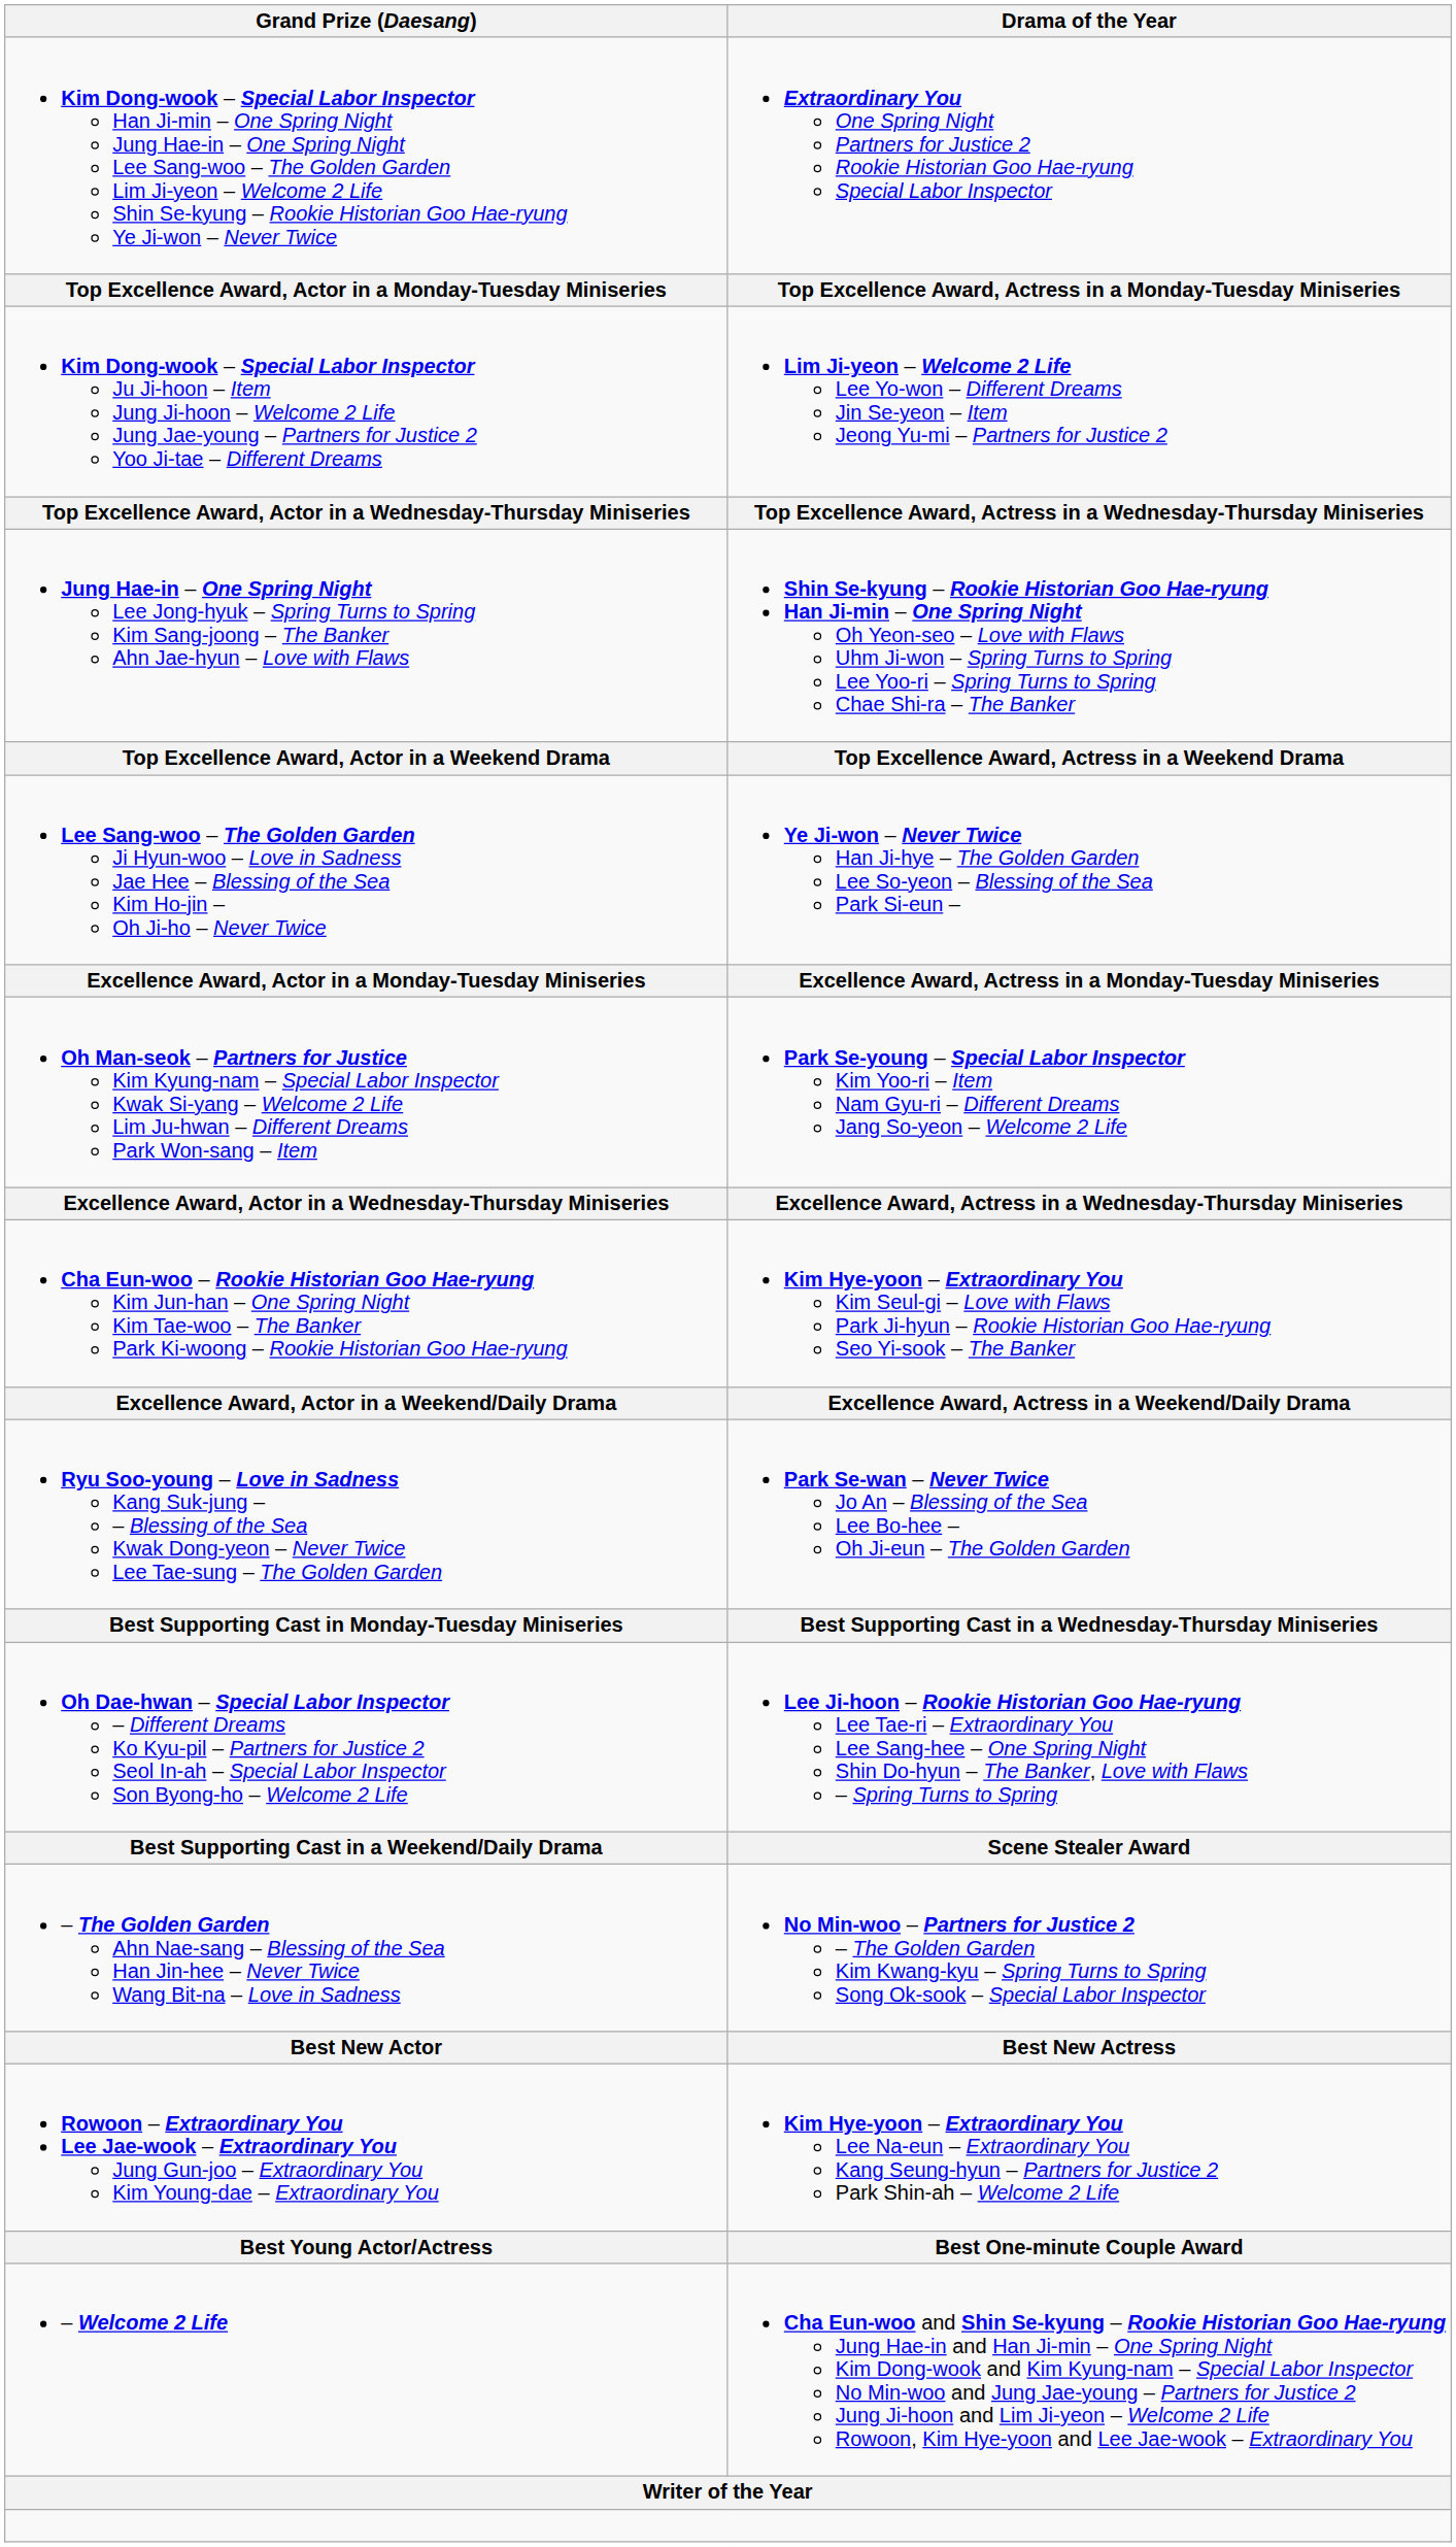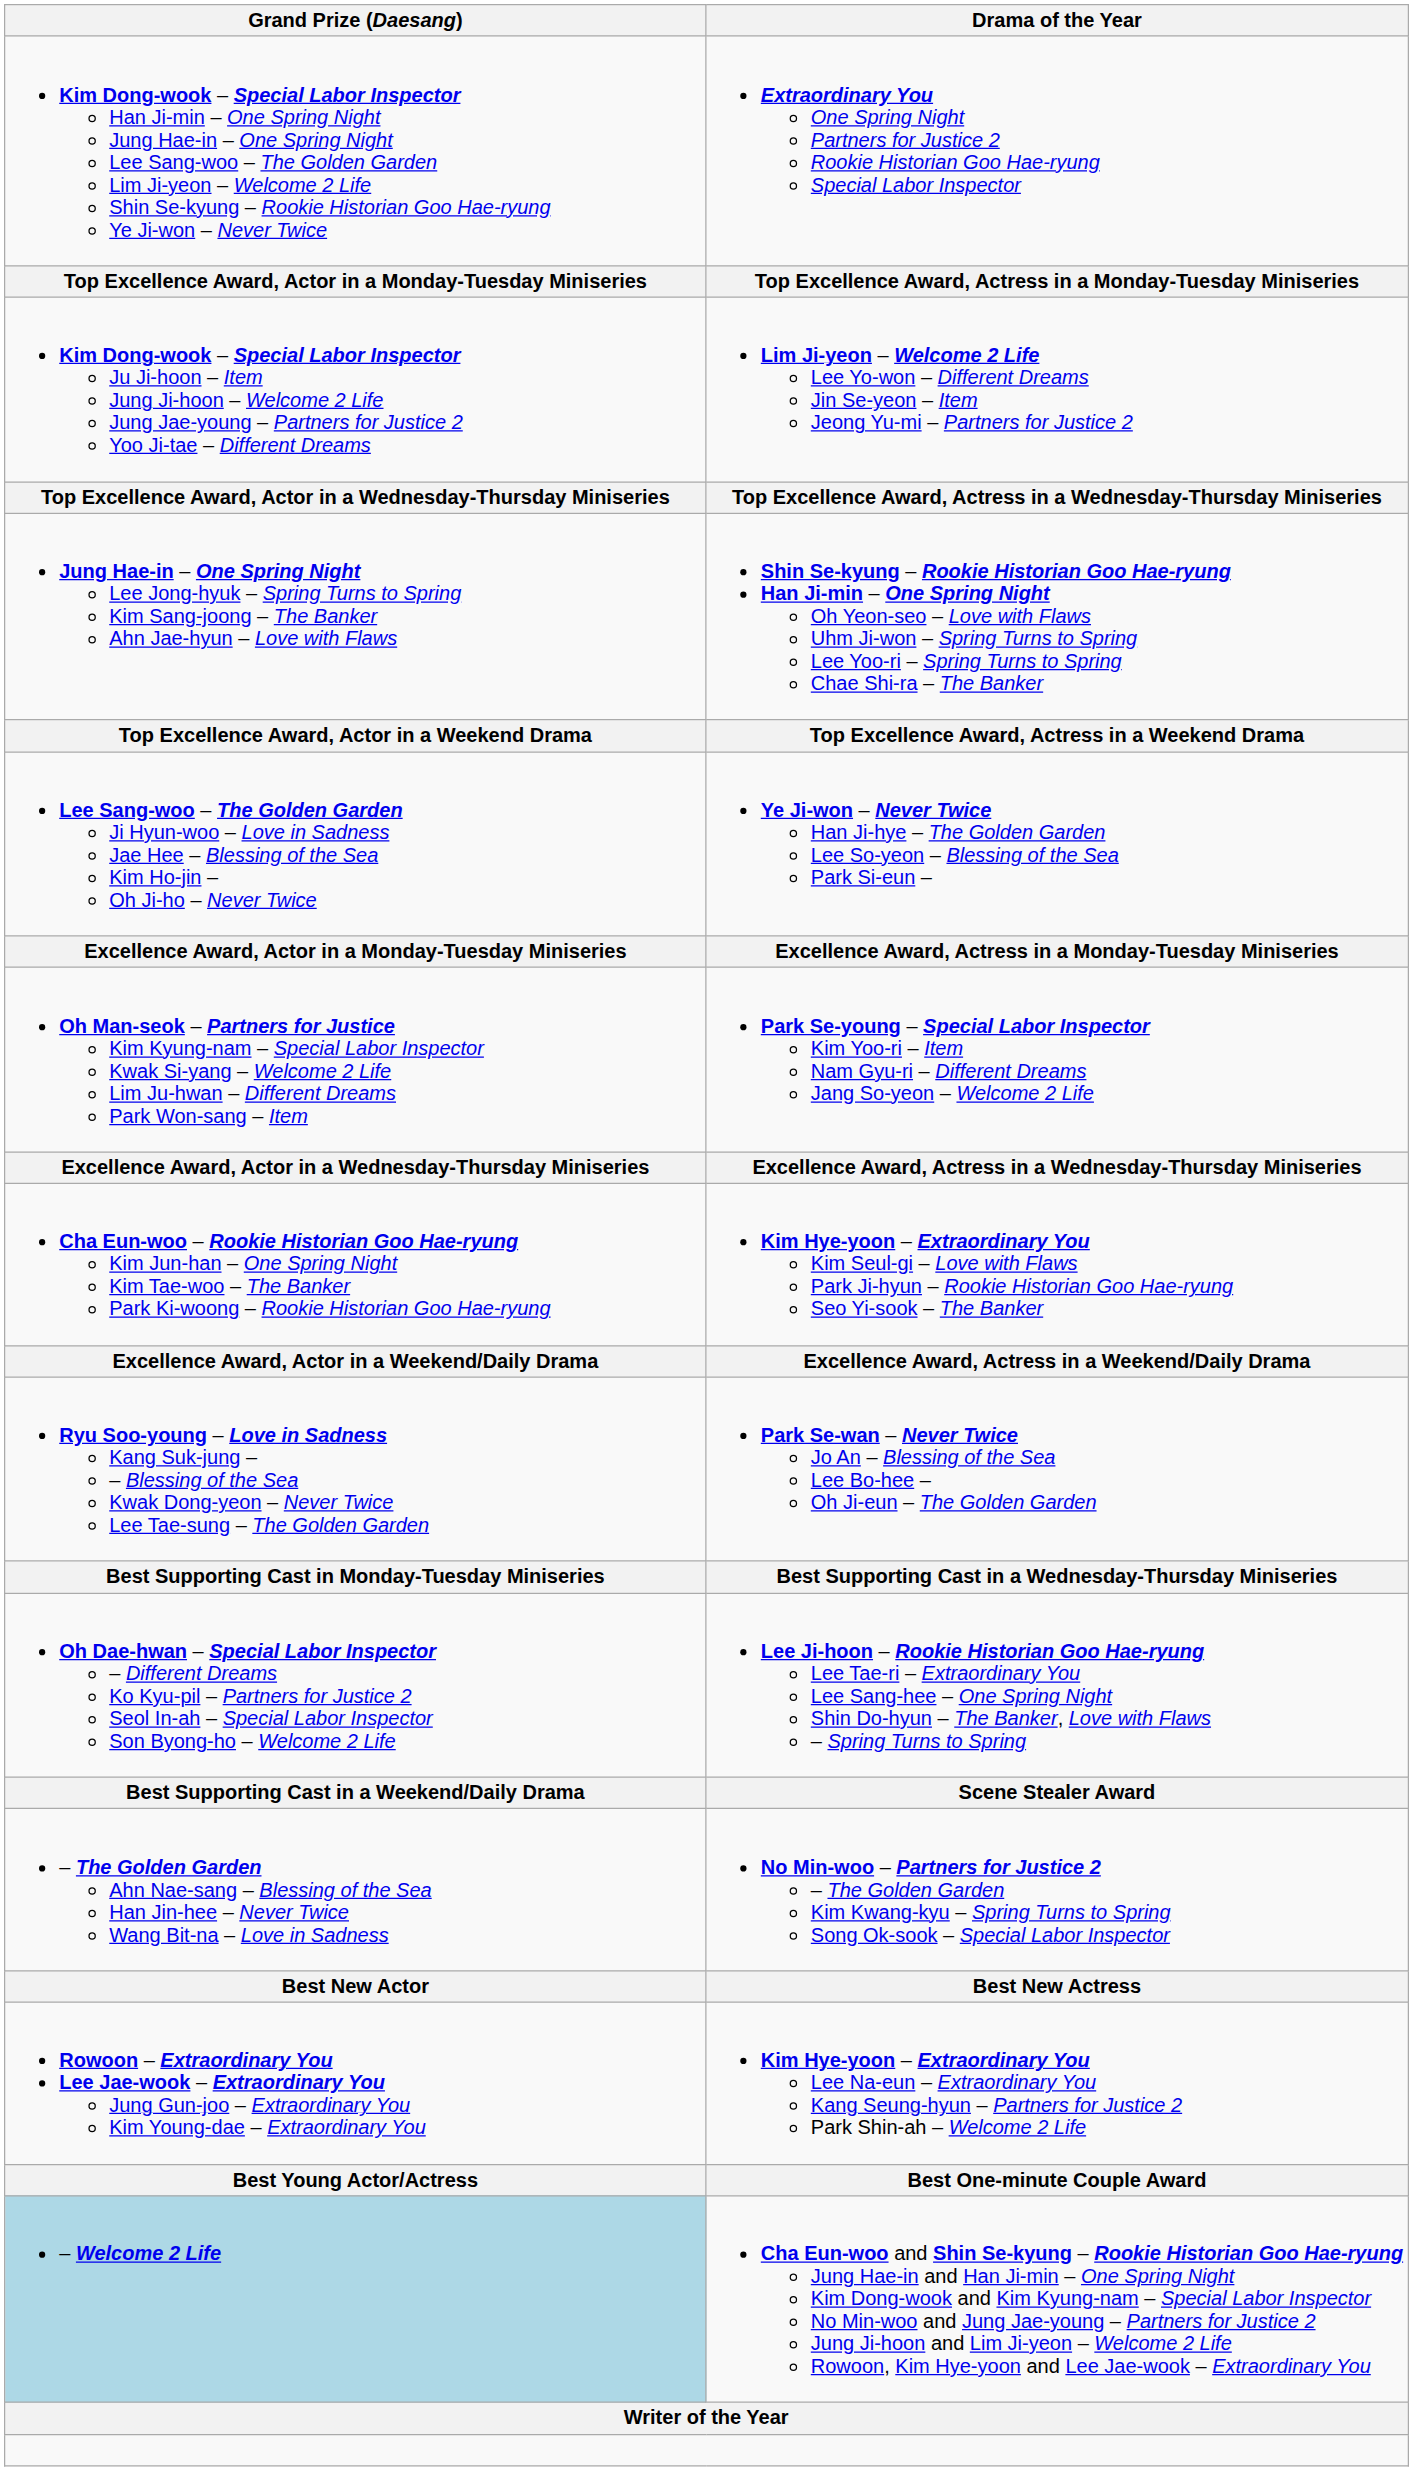 <table class="wikitable"|->
 <tr>
 <th width="50%">Grand Prize (<em>Daesang</em>)</th>
 <th width="50%">Drama of the Year</th>
 </tr>
 <tr>
 <td valign="top"><br><ul><li><strong><a href='#'>Kim Dong-wook</a></strong> – <strong><em><a href='#'>Special Labor Inspector</a></em></strong><ul><li><a href='#'>Han Ji-min</a> – <em><a href='#'>One Spring Night</a></em></li><li><a href='#'>Jung Hae-in</a> – <em><a href='#'>One Spring Night</a></em></li><li><a href='#'>Lee Sang-woo</a> – <em><a href='#'>The Golden Garden</a></em></li><li><a href='#'>Lim Ji-yeon</a> – <em><a href='#'>Welcome 2 Life</a></em></li><li><a href='#'>Shin Se-kyung</a> – <em><a href='#'>Rookie Historian Goo Hae-ryung</a></em></li><li><a href='#'>Ye Ji-won</a> – <em><a href='#'>Never Twice</a></em></li></ul></li></ul></td>
 <td valign="top"><br><ul><li><strong><em><a href='#'>Extraordinary You</a></em></strong><ul><li><em><a href='#'>One Spring Night</a></em></li><li><em><a href='#'>Partners for Justice 2</a></em></li><li><em><a href='#'>Rookie Historian Goo Hae-ryung</a></em></li><li><em><a href='#'>Special Labor Inspector</a></em></li></ul></li></ul></td>
 </tr>
 <tr>
 <th>Top Excellence Award, Actor in a Monday-Tuesday Miniseries</th>
 <th>Top Excellence Award, Actress in a Monday-Tuesday Miniseries</th>
 </tr>
 <tr>
 <td valign="top"><br><ul><li><strong><a href='#'>Kim Dong-wook</a></strong> – <strong><em><a href='#'>Special Labor Inspector</a></em></strong><ul><li><a href='#'>Ju Ji-hoon</a> – <em><a href='#'>Item</a></em></li><li><a href='#'>Jung Ji-hoon</a> – <em><a href='#'>Welcome 2 Life</a></em></li><li><a href='#'>Jung Jae-young</a> – <em><a href='#'>Partners for Justice 2</a></em></li><li><a href='#'>Yoo Ji-tae</a> – <em><a href='#'>Different Dreams</a></em></li></ul></li></ul></td>
 <td valign="top"><br><ul><li><strong><a href='#'>Lim Ji-yeon</a></strong> – <strong><em><a href='#'>Welcome 2 Life</a></em></strong><ul><li><a href='#'>Lee Yo-won</a> – <em><a href='#'>Different Dreams</a></em></li><li><a href='#'>Jin Se-yeon</a> – <em><a href='#'>Item</a></em></li><li><a href='#'>Jeong Yu-mi</a> – <em><a href='#'>Partners for Justice 2</a></em></li></ul></li></ul></td>
 </tr>
 <tr>
 <th>Top Excellence Award, Actor in a Wednesday-Thursday Miniseries</th>
 <th>Top Excellence Award, Actress in a Wednesday-Thursday Miniseries</th>
 </tr>
 <tr>
 <td valign="top"><br><ul><li><strong><a href='#'>Jung Hae-in</a></strong> – <strong><em><a href='#'>One Spring Night</a></em></strong><ul><li><a href='#'>Lee Jong-hyuk</a> – <em><a href='#'>Spring Turns to Spring</a></em></li><li><a href='#'>Kim Sang-joong</a> – <em><a href='#'>The Banker</a></em></li><li><a href='#'>Ahn Jae-hyun</a> – <em><a href='#'>Love with Flaws</a></em></li></ul></li></ul></td>
 <td valign="top"><br><ul><li><strong><a href='#'>Shin Se-kyung</a></strong> – <strong><em><a href='#'>Rookie Historian Goo Hae-ryung</a></em></strong></li><li><strong><a href='#'>Han Ji-min</a></strong> – <strong><em><a href='#'>One Spring Night</a></em></strong><ul><li><a href='#'>Oh Yeon-seo</a> – <em><a href='#'>Love with Flaws</a></em></li><li><a href='#'>Uhm Ji-won</a> – <em><a href='#'>Spring Turns to Spring</a></em></li><li><a href='#'>Lee Yoo-ri</a> – <em><a href='#'>Spring Turns to Spring</a></em></li><li><a href='#'>Chae Shi-ra</a> – <em><a href='#'>The Banker</a></em></li></ul></li></ul></td>
 </tr>
 <tr>
 <th>Top Excellence Award, Actor in a Weekend Drama</th>
 <th>Top Excellence Award, Actress in a Weekend Drama</th>
 </tr>
 <tr>
 <td valign="top"><br><ul><li><strong><a href='#'>Lee Sang-woo</a></strong> – <strong><em><a href='#'>The Golden Garden</a></em></strong><ul><li><a href='#'>Ji Hyun-woo</a> – <em><a href='#'>Love in Sadness</a></em></li><li><a href='#'>Jae Hee</a> – <em><a href='#'>Blessing of the Sea</a></em></li><li><a href='#'>Kim Ho-jin</a> – <em></em></li><li><a href='#'>Oh Ji-ho</a> – <em><a href='#'>Never Twice</a></em></li></ul></li></ul></td>
 <td valign="top"><br><ul><li><strong><a href='#'>Ye Ji-won</a></strong> – <strong><em><a href='#'>Never Twice</a></em></strong><ul><li><a href='#'>Han Ji-hye</a> – <em><a href='#'>The Golden Garden</a></em></li><li><a href='#'>Lee So-yeon</a> – <em><a href='#'>Blessing of the Sea</a></em></li><li><a href='#'>Park Si-eun</a> – <em></em></li></ul></li></ul></td>
 </tr>
 <tr>
 <th>Excellence Award, Actor in a Monday-Tuesday Miniseries</th>
 <th>Excellence Award, Actress in a Monday-Tuesday Miniseries</th>
 </tr>
 <tr>
 <td valign="top"><br><ul><li><strong><a href='#'>Oh Man-seok</a></strong> – <strong><em><a href='#'>Partners for Justice</a></em></strong><ul><li><a href='#'>Kim Kyung-nam</a> – <em><a href='#'>Special Labor Inspector</a></em></li><li><a href='#'>Kwak Si-yang</a> – <em><a href='#'>Welcome 2 Life</a></em></li><li><a href='#'>Lim Ju-hwan</a> – <em><a href='#'>Different Dreams</a></em></li><li><a href='#'>Park Won-sang</a> – <em><a href='#'>Item</a></em></li></ul></li></ul></td>
 <td valign="top"><br><ul><li><strong><a href='#'>Park Se-young</a></strong> – <strong><em><a href='#'>Special Labor Inspector</a></em></strong><ul><li><a href='#'>Kim Yoo-ri</a> – <em><a href='#'>Item</a></em></li><li><a href='#'>Nam Gyu-ri</a> – <em><a href='#'>Different Dreams</a></em></li><li><a href='#'>Jang So-yeon</a> – <em><a href='#'>Welcome 2 Life</a></em></li></ul></li></ul></td>
 </tr>
 <tr>
 <th>Excellence Award, Actor in a Wednesday-Thursday Miniseries</th>
 <th>Excellence Award, Actress in a Wednesday-Thursday Miniseries</th>
 </tr>
 <tr>
 <td valign="top"><br><ul><li><strong><a href='#'>Cha Eun-woo</a></strong> – <strong><em><a href='#'>Rookie Historian Goo Hae-ryung</a></em></strong><ul><li><a href='#'>Kim Jun-han</a> – <em><a href='#'>One Spring Night</a></em></li><li><a href='#'>Kim Tae-woo</a> – <em><a href='#'>The Banker</a></em></li><li><a href='#'>Park Ki-woong</a> – <em><a href='#'>Rookie Historian Goo Hae-ryung</a></em></li></ul></li></ul></td>
 <td valign="top"><br><ul><li><strong><a href='#'>Kim Hye-yoon</a></strong> – <strong><em><a href='#'>Extraordinary You</a></em></strong><ul><li><a href='#'>Kim Seul-gi</a> – <em><a href='#'>Love with Flaws</a></em></li><li><a href='#'>Park Ji-hyun</a> – <em><a href='#'>Rookie Historian Goo Hae-ryung</a></em></li><li><a href='#'>Seo Yi-sook</a> – <em><a href='#'>The Banker</a></em></li></ul></li></ul></td>
 </tr>
 <tr>
 <th>Excellence Award, Actor in a Weekend/Daily Drama</th>
 <th>Excellence Award, Actress in a Weekend/Daily Drama</th>
 </tr>
 <tr>
 <td valign="top"><br><ul><li><strong><a href='#'>Ryu Soo-young</a></strong> – <strong><em><a href='#'>Love in Sadness</a></em></strong><ul><li><a href='#'>Kang Suk-jung</a> – <em></em></li><li> – <em><a href='#'>Blessing of the Sea</a></em></li><li><a href='#'>Kwak Dong-yeon</a> – <em><a href='#'>Never Twice</a></em></li><li><a href='#'>Lee Tae-sung</a> – <em><a href='#'>The Golden Garden</a></em></li></ul></li></ul></td>
 <td valign="top"><br><ul><li><strong><a href='#'>Park Se-wan</a></strong> – <strong><em><a href='#'>Never Twice</a></em></strong><ul><li><a href='#'>Jo An</a> – <em><a href='#'>Blessing of the Sea</a></em></li><li><a href='#'>Lee Bo-hee</a> – <em></em></li><li><a href='#'>Oh Ji-eun</a> – <em><a href='#'>The Golden Garden</a></em></li></ul></li></ul></td>
 </tr>
 <tr>
 <th>Best Supporting Cast in Monday-Tuesday Miniseries</th>
 <th>Best Supporting Cast in a Wednesday-Thursday Miniseries</th>
 </tr>
 <tr>
 <td valign="top"><br><ul><li><strong><a href='#'>Oh Dae-hwan</a></strong> – <strong><em><a href='#'>Special Labor Inspector</a></em></strong><ul><li> – <em><a href='#'>Different Dreams</a></em></li><li><a href='#'>Ko Kyu-pil</a> – <em><a href='#'>Partners for Justice 2</a></em></li><li><a href='#'>Seol In-ah</a> – <em><a href='#'>Special Labor Inspector</a></em></li><li><a href='#'>Son Byong-ho</a> – <em><a href='#'>Welcome 2 Life</a></em></li></ul></li></ul></td>
 <td valign="top"><br><ul><li><strong><a href='#'>Lee Ji-hoon</a></strong> – <strong><em><a href='#'>Rookie Historian Goo Hae-ryung</a></em></strong><ul><li><a href='#'>Lee Tae-ri</a> – <em><a href='#'>Extraordinary You</a></em></li><li><a href='#'>Lee Sang-hee</a> – <em><a href='#'>One Spring Night</a></em></li><li><a href='#'>Shin Do-hyun</a> – <em><a href='#'>The Banker</a></em>, <em><a href='#'>Love with Flaws</a></em></li><li> – <em><a href='#'>Spring Turns to Spring</a></em></li></ul></li></ul></td>
 </tr>
 <tr>
 <th>Best Supporting Cast in a Weekend/Daily Drama</th>
 <th>Scene Stealer Award</th>
 </tr>
 <tr>
 <td valign="top"><br><ul><li><strong></strong> – <strong><em><a href='#'>The Golden Garden</a></em></strong><ul><li><a href='#'>Ahn Nae-sang</a> – <em><a href='#'>Blessing of the Sea</a></em></li><li><a href='#'>Han Jin-hee</a> – <em><a href='#'>Never Twice</a></em></li><li><a href='#'>Wang Bit-na</a> – <em><a href='#'>Love in Sadness</a></em></li></ul></li></ul></td>
 <td valign="top"><br><ul><li><strong><a href='#'>No Min-woo</a></strong> – <strong><em><a href='#'>Partners for Justice 2</a></em></strong><ul><li> – <em><a href='#'>The Golden Garden</a></em></li><li><a href='#'>Kim Kwang-kyu</a> – <em><a href='#'>Spring Turns to Spring</a></em></li><li><a href='#'>Song Ok-sook</a> – <em><a href='#'>Special Labor Inspector</a></em></li></ul></li></ul></td>
 </tr>
 <tr>
 <th>Best New Actor</th>
 <th>Best New Actress</th>
 </tr>
 <tr>
 <td valign="top"><br><ul><li><strong><a href='#'>Rowoon</a></strong> – <strong><em><a href='#'>Extraordinary You</a></em></strong></li><li><strong><a href='#'>Lee Jae-wook</a></strong> – <strong><em><a href='#'>Extraordinary You</a></em></strong><ul><li><a href='#'>Jung Gun-joo</a> – <em><a href='#'>Extraordinary You</a></em></li><li><a href='#'>Kim Young-dae</a> – <em><a href='#'>Extraordinary You</a></em></li></ul></li></ul></td>
 <td valign="top"><br><ul><li><strong><a href='#'>Kim Hye-yoon</a></strong> – <strong><em><a href='#'>Extraordinary You</a></em></strong><ul><li><a href='#'>Lee Na-eun</a> – <em><a href='#'>Extraordinary You</a></em></li><li><a href='#'>Kang Seung-hyun</a> – <em><a href='#'>Partners for Justice 2</a></em></li><li>Park Shin-ah – <em><a href='#'>Welcome 2 Life</a></em></li></ul></li></ul></td>
 </tr>
 <tr>
 <th>Best Young Actor/Actress</th>
 <th>Best One-minute Couple Award</th>
 </tr>
 <tr>
-<td valign="top"><br><ul><li><strong></strong> – <strong><em><a href='#'>Welcome 2 Life</a></em></strong></li></ul></td>
+<td valign="top" style="background: lightblue;"><br><ul><li><strong></strong> – <strong><em><a href='#'>Welcome 2 Life</a></em></strong></li></ul></td>
 <td valign="top"><br><ul><li><strong><a href='#'>Cha Eun-woo</a></strong> and <strong><a href='#'>Shin Se-kyung</a></strong> – <strong><em><a href='#'>Rookie Historian Goo Hae-ryung</a></em></strong><ul><li><a href='#'>Jung Hae-in</a> and <a href='#'>Han Ji-min</a> – <em><a href='#'>One Spring Night</a></em></li><li><a href='#'>Kim Dong-wook</a> and <a href='#'>Kim Kyung-nam</a> – <em><a href='#'>Special Labor Inspector</a></em></li><li><a href='#'>No Min-woo</a> and <a href='#'>Jung Jae-young</a> – <em><a href='#'>Partners for Justice 2</a></em></li><li><a href='#'>Jung Ji-hoon</a> and <a href='#'>Lim Ji-yeon</a> – <em><a href='#'>Welcome 2 Life</a></em></li><li><a href='#'>Rowoon</a>, <a href='#'>Kim Hye-yoon</a> and <a href='#'>Lee Jae-wook</a> – <em><a href='#'>Extraordinary You</a></em></li></ul></li></ul></td>
 </tr>
 <tr>
 <th colspan=2>Writer of the Year</th>
 </tr>
 <tr>
 <td colspan="2" align="center"><br></td>
 </tr>
 </table>
